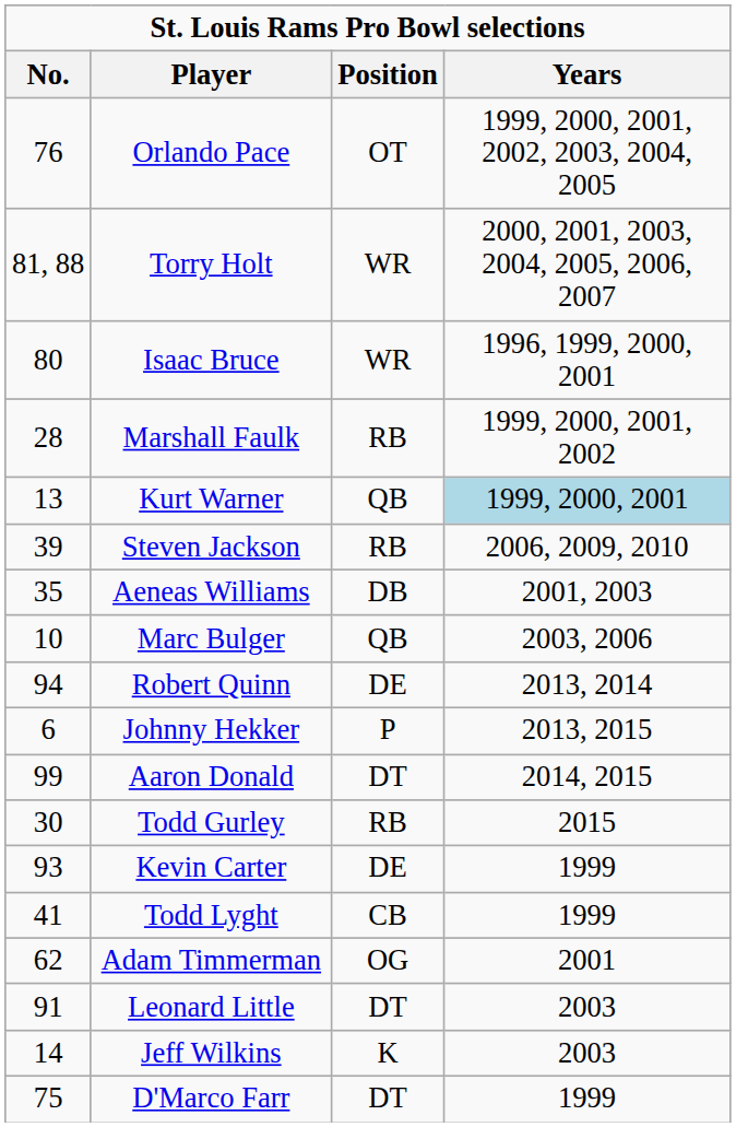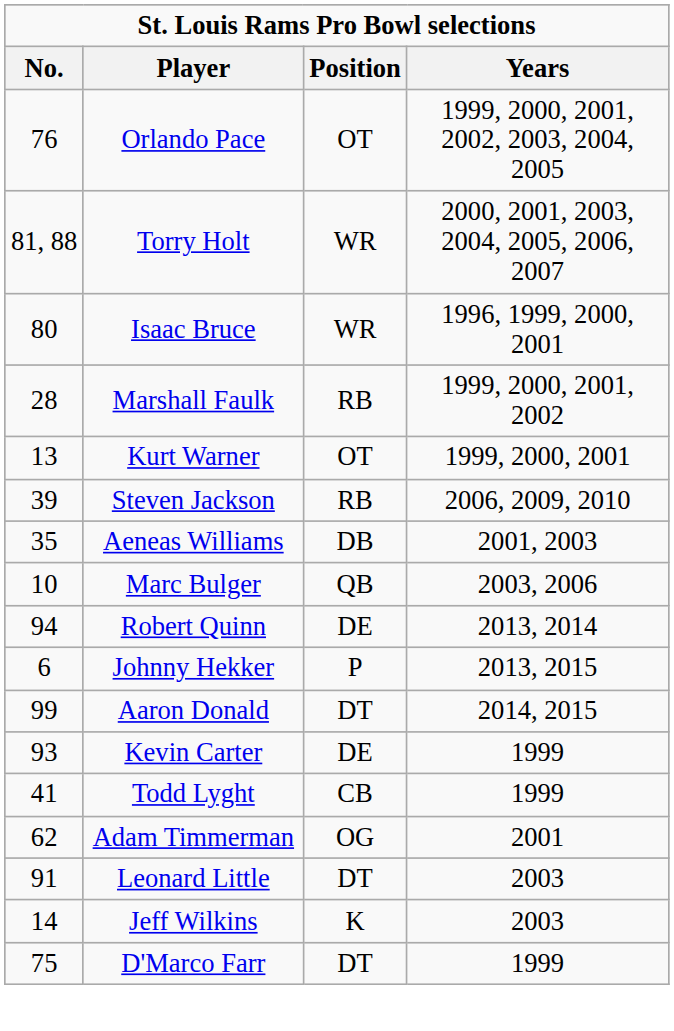 <table class="wikitable sortable" style="text-align:center">
 <tr>
 <td colspan="4"><strong>St. Louis Rams Pro Bowl selections</strong></td>
 </tr>
 <tr>
 <th style="width:40px; ">No.</th>
 <th style="width:125px; ">Player</th>
 <th style="width:40px; ">Position</th>
 <th style="width:150px; ">Years</th>
 </tr>
 <tr>
 <td>76</td>
 <td><a href='#'>Orlando Pace</a></td>
 <td>OT</td>
 <td>1999, 2000, 2001, 2002, 2003, 2004, 2005</td>
 </tr>
 <tr>
 <td>81, 88</td>
 <td><a href='#'>Torry Holt</a></td>
 <td>WR</td>
 <td>2000, 2001, 2003, 2004, 2005, 2006, 2007</td>
 </tr>
 <tr>
 <td>80</td>
 <td><a href='#'>Isaac Bruce</a></td>
 <td>WR</td>
 <td>1996, 1999, 2000, 2001</td>
 </tr>
 <tr>
 <td>28</td>
 <td><a href='#'>Marshall Faulk</a></td>
 <td>RB</td>
 <td>1999, 2000, 2001, 2002</td>
 </tr>
 <tr>
 <td>13</td>
 <td><a href='#'>Kurt Warner</a></td>
-<td>QB</td>
-<td style="background: lightblue;">1999, 2000, 2001</td>
+<td>OT</td>
+<td>1999, 2000, 2001</td>
 </tr>
 <tr>
 <td>39</td>
 <td><a href='#'>Steven Jackson</a></td>
 <td>RB</td>
 <td>2006, 2009, 2010</td>
 </tr>
 <tr>
 <td>35</td>
 <td><a href='#'>Aeneas Williams</a></td>
 <td>DB</td>
 <td>2001, 2003</td>
 </tr>
 <tr>
 <td>10</td>
 <td><a href='#'>Marc Bulger</a></td>
 <td>QB</td>
 <td>2003, 2006</td>
 </tr>
 <tr>
 <td>94</td>
 <td><a href='#'>Robert Quinn</a></td>
 <td>DE</td>
 <td>2013, 2014</td>
 </tr>
 <tr>
 <td>6</td>
 <td><a href='#'>Johnny Hekker</a></td>
 <td>P</td>
 <td>2013, 2015</td>
 </tr>
 <tr>
 <td>99</td>
 <td><a href='#'>Aaron Donald</a></td>
 <td>DT</td>
 <td>2014, 2015</td>
 </tr>
 <tr>
-<td>30</td>
-<td><a href='#'>Todd Gurley</a></td>
-<td>RB</td>
-<td>2015</td>
-</tr>
-<tr>
 <td>93</td>
 <td><a href='#'>Kevin Carter</a></td>
 <td>DE</td>
 <td>1999</td>
 </tr>
 <tr>
 <td>41</td>
 <td><a href='#'>Todd Lyght</a></td>
 <td>CB</td>
 <td>1999</td>
 </tr>
 <tr>
 <td>62</td>
 <td><a href='#'>Adam Timmerman</a></td>
 <td>OG</td>
 <td>2001</td>
 </tr>
 <tr>
 <td>91</td>
 <td><a href='#'>Leonard Little</a></td>
 <td>DT</td>
 <td>2003</td>
 </tr>
 <tr>
 <td>14</td>
 <td><a href='#'>Jeff Wilkins</a></td>
 <td>K</td>
 <td>2003</td>
 </tr>
 <tr>
 <td>75</td>
 <td><a href='#'>D'Marco Farr</a></td>
 <td>DT</td>
 <td>1999</td>
 </tr>
 </table>
